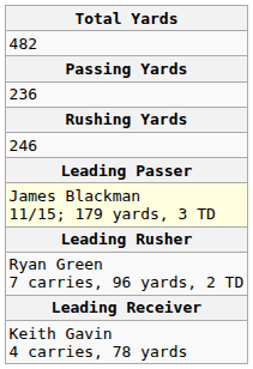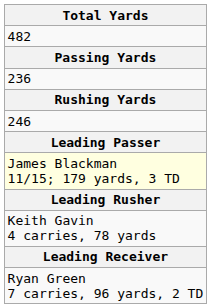 <table class="wikitable">
 <tr>
 <th>Total Yards</th>
 </tr>
 <tr>
 <td>482</td>
 </tr>
 <tr>
 <th>Passing Yards</th>
 </tr>
 <tr>
 <td>236</td>
 </tr>
 <tr>
 <th>Rushing Yards</th>
 </tr>
 <tr>
 <td>246</td>
 </tr>
 <tr>
 <th>Leading Passer</th>
 </tr>
 <tr>
 <td style="background: lightyellow;">James Blackman<br>11/15; 179 yards, 3 TD</td>
 </tr>
 <tr>
 <th>Leading Rusher</th>
 </tr>
 <tr>
-<td>Ryan Green<br>7 carries, 96 yards, 2 TD</td>
+<td>Keith Gavin<br>4 carries, 78 yards</td>
 </tr>
 <tr>
 <th>Leading Receiver</th>
 </tr>
 <tr>
-<td>Keith Gavin<br>4 carries, 78 yards</td>
+<td>Ryan Green<br>7 carries, 96 yards, 2 TD</td>
 </tr>
 </table>
